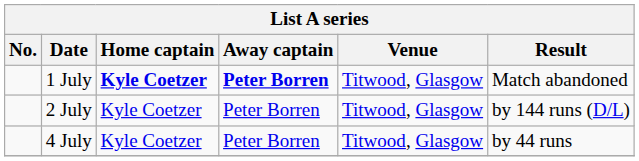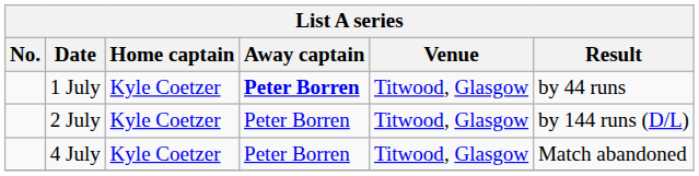 <table class="wikitable">
 <tr>
 <th colspan="9">List A series</th>
 </tr>
 <tr>
 <th>No.</th>
 <th>Date</th>
 <th>Home captain</th>
 <th>Away captain</th>
 <th>Venue</th>
 <th>Result</th>
 </tr>
 <tr>
 <td></td>
 <td>1 July</td>
-<td><strong><a href='#'>Kyle Coetzer</a></strong></td>
+<td><a href='#'>Kyle Coetzer</a></td>
 <td><strong><a href='#'>Peter Borren</a></strong></td>
 <td><a href='#'>Titwood</a>, <a href='#'>Glasgow</a></td>
-<td>Match abandoned</td>
+<td> by 44 runs</td>
 </tr>
 <tr>
 <td></td>
 <td>2 July</td>
 <td><a href='#'>Kyle Coetzer</a></td>
 <td><a href='#'>Peter Borren</a></td>
 <td><a href='#'>Titwood</a>, <a href='#'>Glasgow</a></td>
 <td> by 144 runs (<a href='#'>D/L</a>)</td>
 </tr>
 <tr>
 <td></td>
 <td>4 July</td>
 <td><a href='#'>Kyle Coetzer</a></td>
 <td><a href='#'>Peter Borren</a></td>
 <td><a href='#'>Titwood</a>, <a href='#'>Glasgow</a></td>
-<td> by 44 runs</td>
+<td>Match abandoned</td>
 </tr>
 <tr>
 </tr>
 </table>
